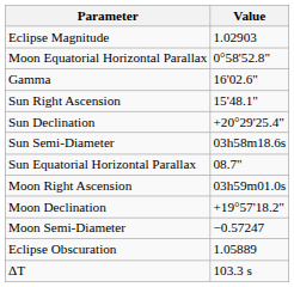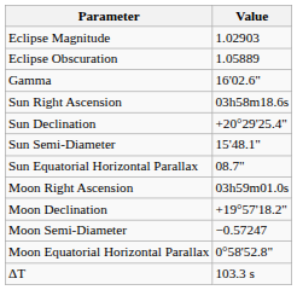 <table class="wikitable">
 <tr>
 <th>Parameter</th>
 <th>Value</th>
 </tr>
 <tr>
 <td>Eclipse Magnitude</td>
 <td>1.02903</td>
 </tr>
 <tr>
-<td>Moon Equatorial Horizontal Parallax</td>
-<td>0°58'52.8"</td>
+<td>Eclipse Obscuration</td>
+<td>1.05889</td>
 </tr>
 <tr>
 <td>Gamma</td>
 <td>16'02.6"</td>
 </tr>
 <tr>
 <td>Sun Right Ascension</td>
-<td>15'48.1"</td>
+<td>03h58m18.6s</td>
 </tr>
 <tr>
 <td>Sun Declination</td>
 <td>+20°29'25.4"</td>
 </tr>
 <tr>
 <td>Sun Semi-Diameter</td>
-<td>03h58m18.6s</td>
+<td>15'48.1"</td>
 </tr>
 <tr>
 <td>Sun Equatorial Horizontal Parallax</td>
 <td>08.7"</td>
 </tr>
 <tr>
 <td>Moon Right Ascension</td>
 <td>03h59m01.0s</td>
 </tr>
 <tr>
 <td>Moon Declination</td>
 <td>+19°57'18.2"</td>
 </tr>
 <tr>
 <td>Moon Semi-Diameter</td>
 <td>−0.57247</td>
 </tr>
 <tr>
-<td>Eclipse Obscuration</td>
-<td>1.05889</td>
+<td>Moon Equatorial Horizontal Parallax</td>
+<td>0°58'52.8"</td>
 </tr>
 <tr>
 <td>ΔT</td>
 <td>103.3 s</td>
 </tr>
 </table>
